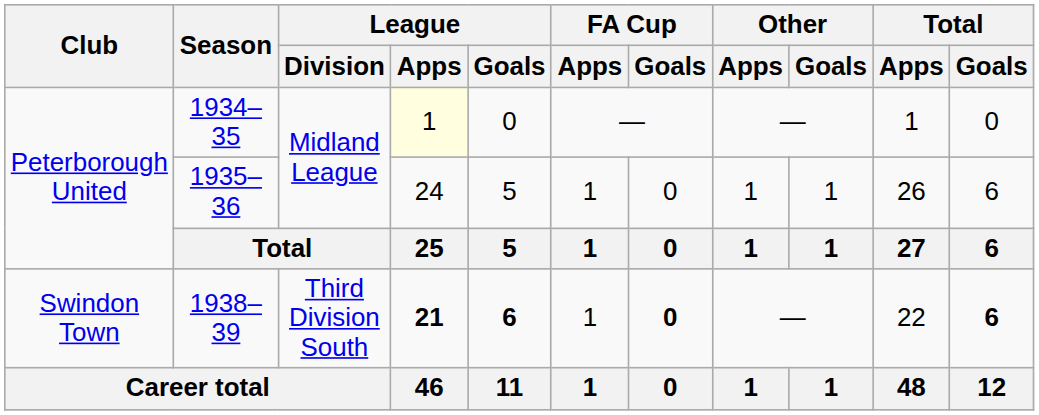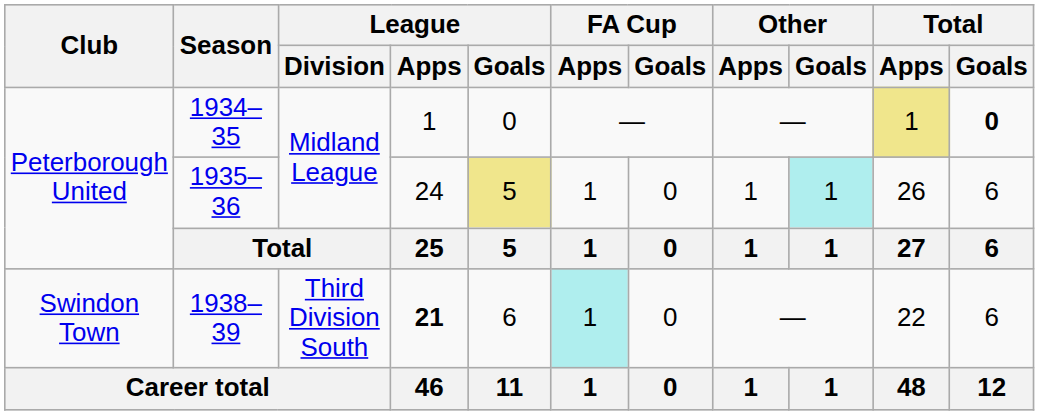 <table class="wikitable" style="text-align: center;">
 <tr>
 <th rowspan="2">Club</th>
 <th rowspan="2">Season</th>
 <th colspan="3">League</th>
 <th colspan="2">FA Cup</th>
 <th colspan="2">Other</th>
 <th colspan="2">Total</th>
 </tr>
 <tr>
 <th>Division</th>
 <th>Apps</th>
 <th>Goals</th>
 <th>Apps</th>
 <th>Goals</th>
 <th>Apps</th>
 <th>Goals</th>
 <th>Apps</th>
 <th>Goals</th>
 </tr>
 <tr>
 <td rowspan="3"><a href='#'>Peterborough United</a></td>
 <td><a href='#'>1934–35</a></td>
 <td rowspan="2"><a href='#'>Midland League</a></td>
-<td style="background: lightyellow;">1</td>
+<td>1</td>
 <td>0</td>
 <td colspan="2">―</td>
 <td colspan="2">―</td>
-<td>1</td>
-<td>0</td>
+<td style="background: khaki;">1</td>
+<td><strong>0</strong></td>
 </tr>
 <tr>
 <td><a href='#'>1935–36</a></td>
 <td>24</td>
-<td>5</td>
+<td style="background: khaki;">5</td>
 <td>1</td>
 <td>0</td>
 <td>1</td>
-<td>1</td>
+<td style="background: paleturquoise;">1</td>
 <td>26</td>
 <td>6</td>
 </tr>
 <tr>
 <th colspan="2">Total</th>
 <th>25</th>
 <th>5</th>
 <th>1</th>
 <th>0</th>
 <th>1</th>
 <th>1</th>
 <th>27</th>
 <th>6</th>
 </tr>
 <tr>
 <td><a href='#'>Swindon Town</a></td>
 <td><a href='#'>1938–39</a></td>
 <td><a href='#'>Third Division South</a></td>
 <td><strong>21</strong></td>
-<td><strong>6</strong></td>
-<td>1</td>
-<td><strong>0</strong></td>
+<td>6</td>
+<td style="background: paleturquoise;">1</td>
+<td>0</td>
 <td colspan="2">―</td>
 <td>22</td>
-<td><strong>6</strong></td>
+<td>6</td>
 </tr>
 <tr>
 <th colspan="3">Career total</th>
 <th>46</th>
 <th>11</th>
 <th>1</th>
 <th>0</th>
 <th>1</th>
 <th>1</th>
 <th>48</th>
 <th>12</th>
 </tr>
 </table>
